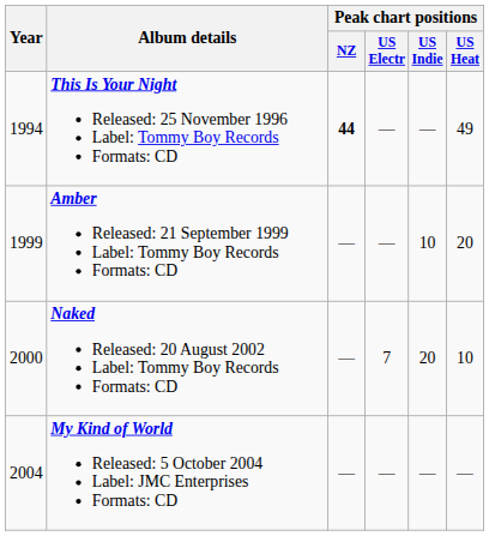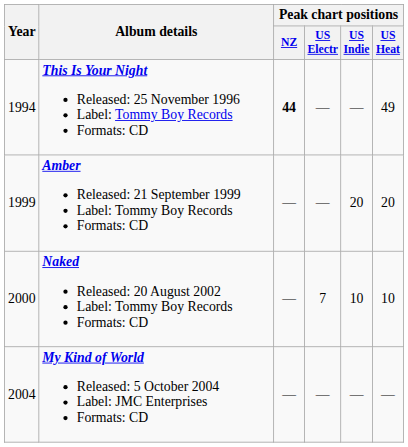 <table class="wikitable" style=text-align:center;>
 <tr>
 <th rowspan="2" style="width:33px;">Year</th>
 <th rowspan="2" style="width:265px;">Album details</th>
 <th colspan="4">Peak chart positions</th>
 </tr>
 <tr style="width:4em;font-size:85%;">
 <th style="text-align:center; width:30px;"><a href='#'>NZ</a><br></th>
 <th style="text-align:center; width:30px;"><a href='#'>US Electr</a><br></th>
 <th style="text-align:center; width:30px;"><a href='#'>US Indie</a><br></th>
 <th style="text-align:center; width:30px;"><a href='#'>US Heat</a><br></th>
 </tr>
 <tr>
 <td>1994</td>
 <td align="left"><strong><em><a href='#'>This Is Your Night</a></em></strong><br><ul><li>Released: 25 November 1996</li><li>Label: <a href='#'>Tommy Boy Records</a></li><li>Formats: CD</li></ul></td>
 <td style="text-align:center;"><strong>44</strong></td>
 <td style="text-align:center;">—</td>
 <td style="text-align:center;">—</td>
 <td style="text-align:center;">49</td>
 </tr>
 <tr>
 <td>1999</td>
 <td align="left"><strong><em><a href='#'>Amber</a></em></strong><br><ul><li>Released: 21 September 1999</li><li>Label: Tommy Boy Records</li><li>Formats: CD</li></ul></td>
 <td style="text-align:center;">—</td>
 <td style="text-align:center;">—</td>
-<td style="text-align:center;">10</td>
+<td style="text-align:center;">20</td>
 <td style="text-align:center;">20</td>
 </tr>
 <tr>
 <td>2000</td>
 <td align="left"><strong><em><a href='#'>Naked</a></em></strong><br><ul><li>Released: 20 August 2002</li><li>Label: Tommy Boy Records</li><li>Formats: CD</li></ul></td>
 <td style="text-align:center;">—</td>
 <td style="text-align:center;">7</td>
-<td style="text-align:center;">20</td>
+<td style="text-align:center;">10</td>
 <td style="text-align:center;">10</td>
 </tr>
 <tr>
 <td>2004</td>
 <td align="left"><strong><em><a href='#'>My Kind of World</a></em></strong><br><ul><li>Released: 5 October 2004</li><li>Label: JMC Enterprises</li><li>Formats: CD</li></ul></td>
 <td style="text-align:center;">—</td>
 <td style="text-align:center;">—</td>
 <td style="text-align:center;">—</td>
 <td style="text-align:center;">—</td>
 </tr>
 </table>
